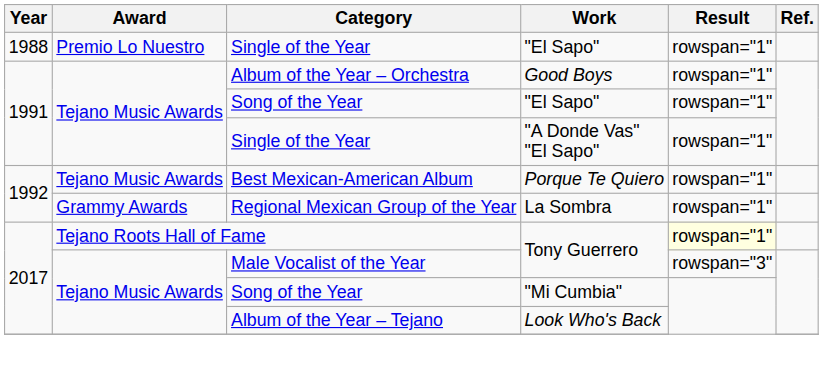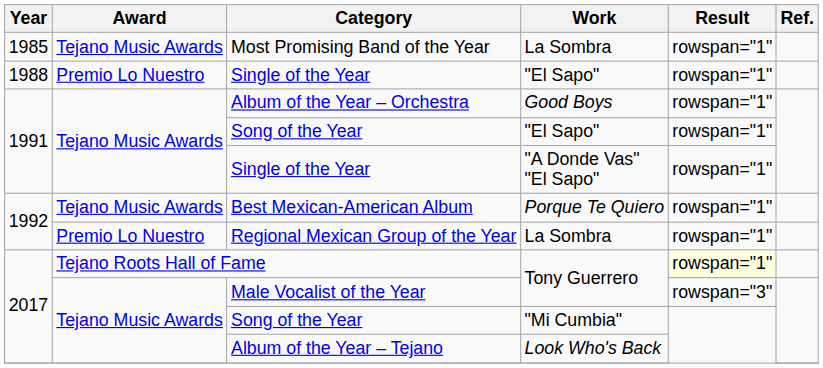 <table class="wikitable">
 <tr>
 <th scope="col">Year</th>
 <th scope="col">Award</th>
 <th>Category</th>
 <th scope="col">Work</th>
 <th scope="col">Result</th>
 <th scope="col">Ref.</th>
+</tr>
+<tr>
+<td rowspan="1" style="text-align:center;">1985</td>
+<td rowspan="1"><a href='#'>Tejano Music Awards</a></td>
+<td>Most Promising Band of the Year</td>
+<td rowspan="1">La Sombra</td>
+<td>rowspan="1" </td>
+<td rowspan="1"></td>
 </tr>
 <tr>
 <td rowspan="1" style="text-align:center;">1988</td>
 <td rowspan="1"><a href='#'>Premio Lo Nuestro</a></td>
 <td><a href='#'>Single of the Year</a></td>
 <td rowspan="1">"El Sapo"</td>
 <td>rowspan="1" </td>
 <td rowspan="1"></td>
 </tr>
 <tr>
 <td rowspan="3" style="text-align:center;">1991</td>
 <td rowspan="3"><a href='#'>Tejano Music Awards</a></td>
 <td><a href='#'>Album of the Year – Orchestra</a></td>
 <td rowspan="1"><em>Good Boys</em></td>
 <td>rowspan="1" </td>
 <td rowspan="3"></td>
 </tr>
 <tr>
 <td><a href='#'>Song of the Year</a></td>
 <td rowspan="1">"El Sapo"</td>
 <td>rowspan="1" </td>
 </tr>
 <tr>
 <td><a href='#'>Single of the Year</a></td>
 <td rowspan="1">"A Donde Vas"<br>"El Sapo"</td>
 <td>rowspan="1" </td>
 </tr>
 <tr>
 <td rowspan="2" style="text-align:center;">1992</td>
 <td rowspan="1"><a href='#'>Tejano Music Awards</a></td>
 <td><a href='#'>Best Mexican-American Album</a></td>
 <td rowspan="1"><em>Porque Te Quiero</em></td>
 <td>rowspan="1" </td>
 <td rowspan="1"></td>
 </tr>
 <tr>
-<td rowspan="1"><a href='#'>Grammy Awards</a></td>
+<td rowspan="1"><a href='#'>Premio Lo Nuestro</a></td>
 <td><a href='#'>Regional Mexican Group of the Year</a></td>
 <td rowspan="1">La Sombra</td>
 <td>rowspan="1" </td>
 <td rowspan="1"></td>
 </tr>
 <tr>
 <td rowspan="4" style="text-align:center;">2017</td>
 <td colspan="2"><a href='#'>Tejano Roots Hall of Fame</a></td>
 <td rowspan="2">Tony Guerrero</td>
 <td style="background: lightyellow;">rowspan="1" </td>
 <td rowspan="1"></td>
 </tr>
 <tr>
 <td rowspan="3"><a href='#'>Tejano Music Awards</a></td>
 <td><a href='#'>Male Vocalist of the Year</a></td>
 <td>rowspan="3" </td>
 <td rowspan="3"></td>
 </tr>
 <tr>
 <td><a href='#'>Song of the Year</a></td>
 <td rowspan="1">"Mi Cumbia"</td>
 </tr>
 <tr>
 <td><a href='#'>Album of the Year – Tejano</a></td>
 <td rowspan="1"><em>Look Who's Back</em></td>
 </tr>
 <tr>
 </tr>
 </table>
